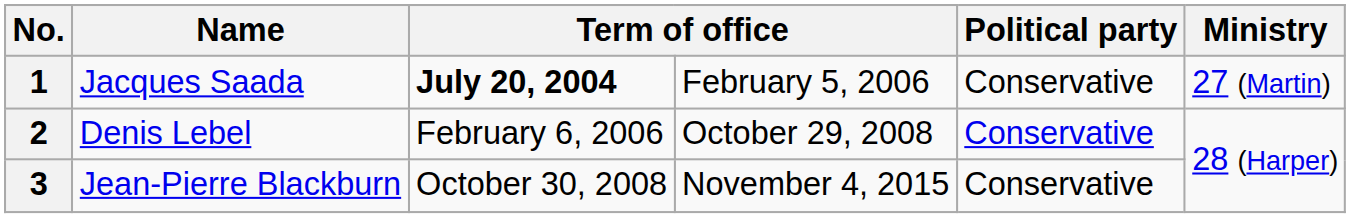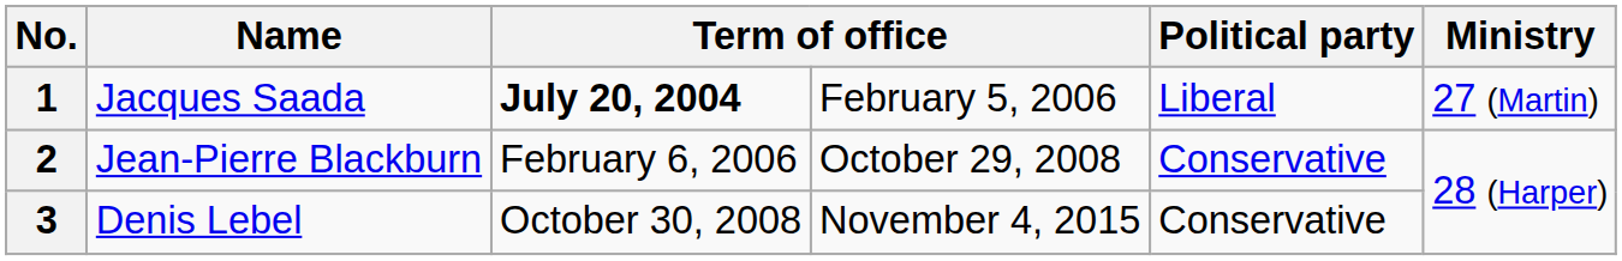 <table class="wikitable">
 <tr>
 <th>No.</th>
 <th>Name</th>
 <th colspan=2>Term of office</th>
 <th>Political party</th>
 <th>Ministry</th>
 </tr>
 <tr>
 <th style="background:">1</th>
 <td><a href='#'>Jacques Saada</a></td>
 <td><strong>July 20, 2004</strong></td>
 <td>February 5, 2006</td>
-<td>Conservative</td>
+<td><a href='#'>Liberal</a></td>
 <td><a href='#'>27</a> <small>(<a href='#'>Martin</a>)</small></td>
 </tr>
 <tr>
 <th style="background:">2</th>
-<td><a href='#'>Denis Lebel</a></td>
+<td><a href='#'>Jean-Pierre Blackburn</a></td>
 <td>February 6, 2006</td>
 <td>October 29, 2008</td>
 <td><a href='#'>Conservative</a></td>
 <td rowspan=2><a href='#'>28</a> <small>(<a href='#'>Harper</a>)</small></td>
 </tr>
 <tr>
 <th style="background:">3</th>
-<td><a href='#'>Jean-Pierre Blackburn</a></td>
+<td><a href='#'>Denis Lebel</a></td>
 <td>October 30, 2008</td>
 <td>November 4, 2015</td>
 <td>Conservative</td>
 </tr>
 </table>
